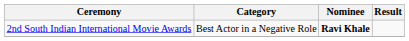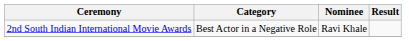 <table class="wikitable">
 <tr>
 <th>Ceremony</th>
 <th>Category</th>
 <th>Nominee</th>
 <th>Result</th>
 </tr>
 <tr>
 <td rowspan="1"><a href='#'>2nd South Indian International Movie Awards</a></td>
 <td>Best Actor in a Negative Role</td>
-<td><strong>Ravi Khale</strong></td>
+<td>Ravi Khale</td>
 <td></td>
 </tr>
 <tr>
 </tr>
 </table>
